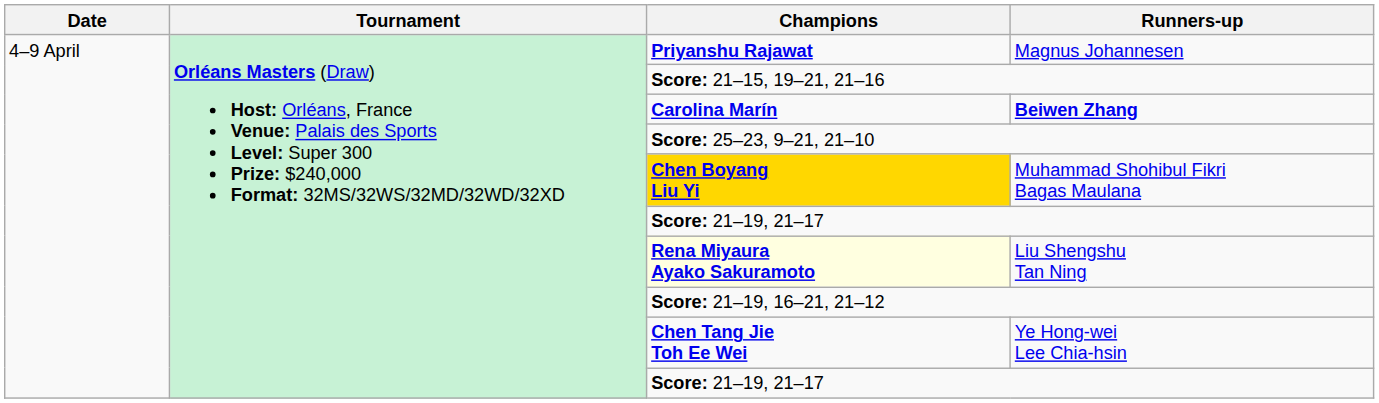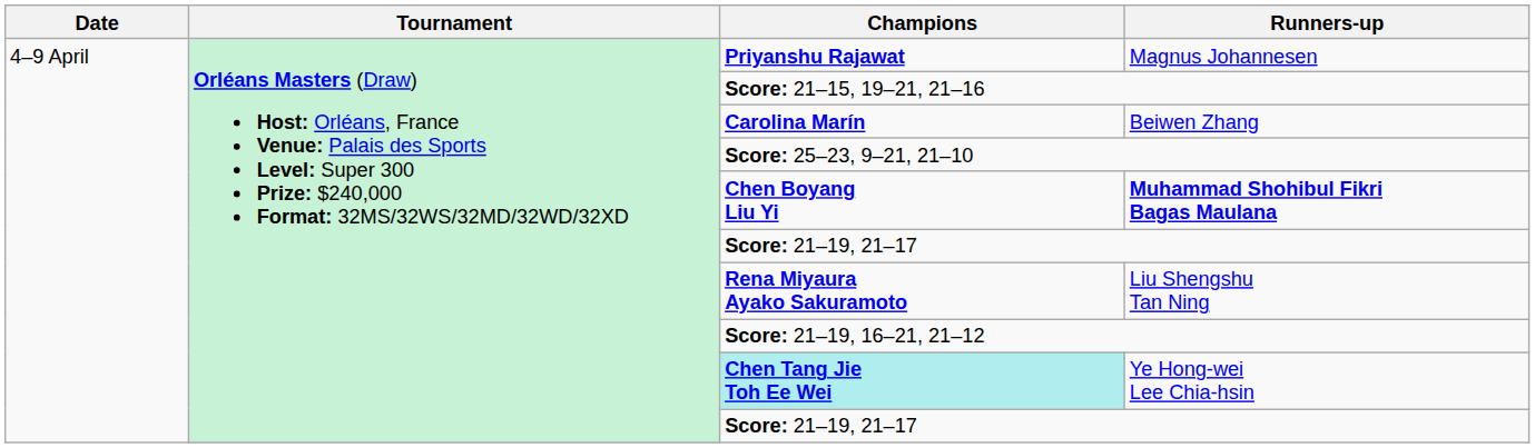 <table class="wikitable" style="font-size:80%">
 <tr>
 <th width="110">Date</th>
 <th width="330">Tournament</th>
 <th width="250">Champions</th>
 <th width="250">Runners-up</th>
 </tr>
 <tr valign=top>
 <td rowspan="10">4–9 April</td>
 <td bgcolor="#C7F2D5" rowspan="10"><br><strong><a href='#'>Orléans Masters</a></strong> (<a href='#'>Draw</a>)<ul><li><strong>Host:</strong> <a href='#'>Orléans</a>, France</li><li><strong>Venue:</strong> <a href='#'>Palais des Sports</a></li><li><strong>Level:</strong> Super 300</li><li><strong>Prize:</strong> $240,000</li><li><strong>Format:</strong> 32MS/32WS/32MD/32WD/32XD</li></ul></td>
 <td><strong> <a href='#'>Priyanshu Rajawat</a></strong></td>
 <td> <a href='#'>Magnus Johannesen</a></td>
 </tr>
 <tr>
 <td colspan="2"><strong>Score:</strong> 21–15, 19–21, 21–16</td>
 </tr>
 <tr valign="top">
 <td><strong> <a href='#'>Carolina Marín</a></strong></td>
-<td><strong> <a href='#'>Beiwen Zhang</a></strong></td>
+<td> <a href='#'>Beiwen Zhang</a></td>
 </tr>
 <tr>
 <td colspan="2"><strong>Score:</strong> 25–23, 9–21, 21–10</td>
 </tr>
 <tr valign="top">
-<td style="background: gold;"><strong> <a href='#'>Chen Boyang</a><br> <a href='#'>Liu Yi</a></strong></td>
-<td> <a href='#'>Muhammad Shohibul Fikri</a><br> <a href='#'>Bagas Maulana</a></td>
+<td><strong> <a href='#'>Chen Boyang</a><br> <a href='#'>Liu Yi</a></strong></td>
+<td><strong> <a href='#'>Muhammad Shohibul Fikri</a><br> <a href='#'>Bagas Maulana</a></strong></td>
 </tr>
 <tr>
 <td colspan="2"><strong>Score:</strong> 21–19, 21–17</td>
 </tr>
 <tr valign="top">
-<td style="background: lightyellow;"><strong> <a href='#'>Rena Miyaura</a><br> <a href='#'>Ayako Sakuramoto</a></strong></td>
+<td><strong> <a href='#'>Rena Miyaura</a><br> <a href='#'>Ayako Sakuramoto</a></strong></td>
 <td> <a href='#'>Liu Shengshu</a><br> <a href='#'>Tan Ning</a></td>
 </tr>
 <tr>
 <td colspan="2"><strong>Score:</strong> 21–19, 16–21, 21–12</td>
 </tr>
 <tr valign="top">
-<td><strong> <a href='#'>Chen Tang Jie</a><br> <a href='#'>Toh Ee Wei</a></strong></td>
+<td style="background: paleturquoise;"><strong> <a href='#'>Chen Tang Jie</a><br> <a href='#'>Toh Ee Wei</a></strong></td>
 <td> <a href='#'>Ye Hong-wei</a><br> <a href='#'>Lee Chia-hsin</a></td>
 </tr>
 <tr>
 <td colspan="2"><strong>Score:</strong> 21–19, 21–17</td>
 </tr>
 </table>
